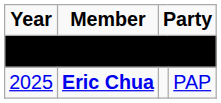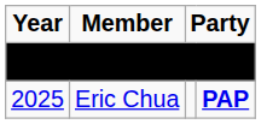 <table class="wikitable" align="center" style="text-align:center">
 <tr>
 <td><strong>Year</strong></td>
 <td><strong>Member</strong></td>
 <td colspan="2"><strong>Party</strong></td>
 </tr>
 <tr>
 <td colspan=4 bgcolor=black><span><strong>Formation</strong></span></td>
 </tr>
 <tr>
 <td><a href='#'>2025</a></td>
-<td><strong><a href='#'>Eric Chua</a></strong></td>
+<td><a href='#'>Eric Chua</a></td>
 <td></td>
-<td><a href='#'>PAP</a></td>
+<td><strong><a href='#'>PAP</a></strong></td>
 </tr>
 </table>
